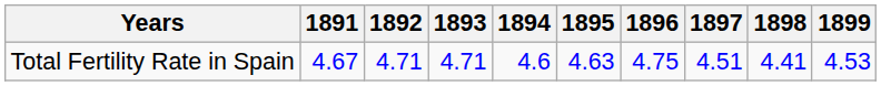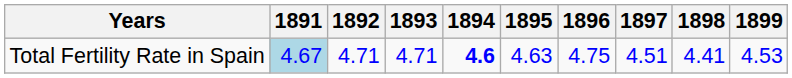 <table class="wikitable " style="text-align:right">
 <tr>
 <th>Years</th>
 <th>1891</th>
 <th>1892</th>
 <th>1893</th>
 <th>1894</th>
 <th>1895</th>
 <th>1896</th>
 <th>1897</th>
 <th>1898</th>
 <th>1899</th>
 </tr>
 <tr>
 <td align="left">Total Fertility Rate in Spain</td>
-<td style="text-align:right; color:blue;">4.67</td>
+<td style="background: lightblue; text-align:right; color:blue;">4.67</td>
 <td style="text-align:right; color:blue;">4.71</td>
 <td style="text-align:right; color:blue;">4.71</td>
-<td style="text-align:right; color:blue;">4.6</td>
+<td style="text-align:right; color:blue;"><strong>4.6</strong></td>
 <td style="text-align:right; color:blue;">4.63</td>
 <td style="text-align:right; color:blue;">4.75</td>
 <td style="text-align:right; color:blue;">4.51</td>
 <td style="text-align:right; color:blue;">4.41</td>
 <td style="text-align:right; color:blue;">4.53</td>
 </tr>
 </table>
